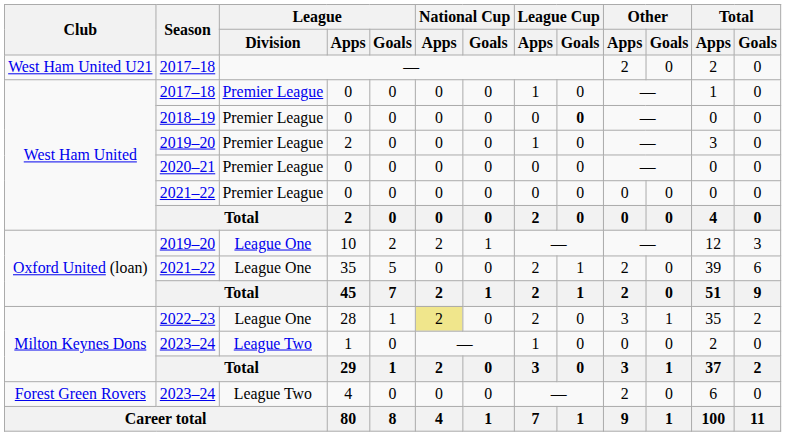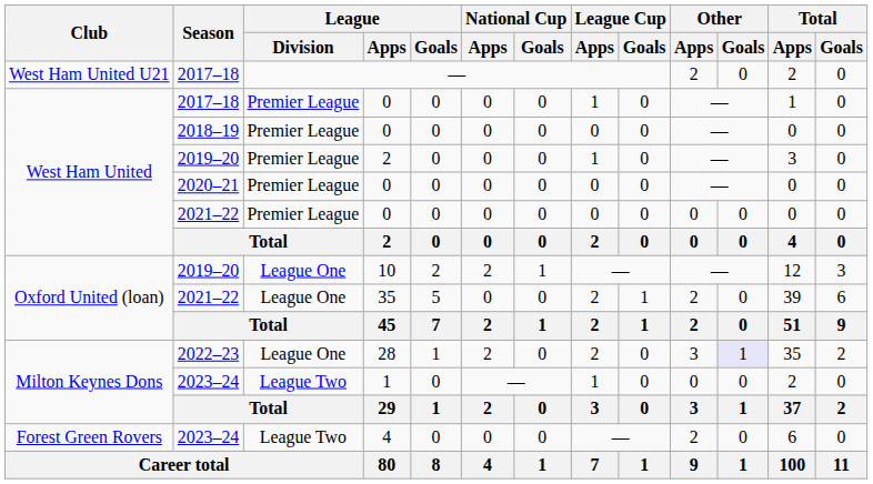 <table class="wikitable" style="text-align: center;">
 <tr>
 <th rowspan="2">Club</th>
 <th rowspan="2">Season</th>
 <th colspan="3">League</th>
 <th colspan="2">National Cup</th>
 <th colspan="2">League Cup</th>
 <th colspan="2">Other</th>
 <th colspan="2">Total</th>
 </tr>
 <tr>
 <th>Division</th>
 <th>Apps</th>
 <th>Goals</th>
 <th>Apps</th>
 <th>Goals</th>
 <th>Apps</th>
 <th>Goals</th>
 <th>Apps</th>
 <th>Goals</th>
 <th>Apps</th>
 <th>Goals</th>
 </tr>
 <tr>
 <td><a href='#'>West Ham United U21</a></td>
 <td><a href='#'>2017–18</a></td>
 <td colspan="7">—</td>
 <td>2</td>
 <td>0</td>
 <td>2</td>
 <td>0</td>
 </tr>
 <tr>
 <td rowspan="6"><a href='#'>West Ham United</a></td>
 <td><a href='#'>2017–18</a></td>
 <td><a href='#'>Premier League</a></td>
 <td>0</td>
 <td>0</td>
 <td>0</td>
 <td>0</td>
 <td>1</td>
 <td>0</td>
 <td colspan="2">—</td>
 <td>1</td>
 <td>0</td>
 </tr>
 <tr>
 <td><a href='#'>2018–19</a></td>
 <td>Premier League</td>
 <td>0</td>
 <td>0</td>
 <td>0</td>
 <td>0</td>
 <td>0</td>
-<td><strong>0</strong></td>
+<td>0</td>
 <td colspan="2">—</td>
 <td>0</td>
 <td>0</td>
 </tr>
 <tr>
 <td><a href='#'>2019–20</a></td>
 <td>Premier League</td>
 <td>2</td>
 <td>0</td>
 <td>0</td>
 <td>0</td>
 <td>1</td>
 <td>0</td>
 <td colspan="2">—</td>
 <td>3</td>
 <td>0</td>
 </tr>
 <tr>
 <td><a href='#'>2020–21</a></td>
 <td>Premier League</td>
 <td>0</td>
 <td>0</td>
 <td>0</td>
 <td>0</td>
 <td>0</td>
 <td>0</td>
 <td colspan="2">—</td>
 <td>0</td>
 <td>0</td>
 </tr>
 <tr>
 <td><a href='#'>2021–22</a></td>
 <td>Premier League</td>
 <td>0</td>
 <td>0</td>
 <td>0</td>
 <td>0</td>
 <td>0</td>
 <td>0</td>
 <td>0</td>
 <td>0</td>
 <td>0</td>
 <td>0</td>
 </tr>
 <tr>
 <th colspan="2">Total</th>
 <th>2</th>
 <th>0</th>
 <th>0</th>
 <th>0</th>
 <th>2</th>
 <th>0</th>
 <th>0</th>
 <th>0</th>
 <th>4</th>
 <th>0</th>
 </tr>
 <tr>
 <td rowspan="3"><a href='#'>Oxford United</a> (loan)</td>
 <td><a href='#'>2019–20</a></td>
 <td><a href='#'>League One</a></td>
 <td>10</td>
 <td>2</td>
 <td>2</td>
 <td>1</td>
 <td colspan="2">—</td>
 <td colspan="2">—</td>
 <td>12</td>
 <td>3</td>
 </tr>
 <tr>
 <td><a href='#'>2021–22</a></td>
 <td>League One</td>
 <td>35</td>
 <td>5</td>
 <td>0</td>
 <td>0</td>
 <td>2</td>
 <td>1</td>
 <td>2</td>
 <td>0</td>
 <td>39</td>
 <td>6</td>
 </tr>
 <tr>
 <th colspan="2">Total</th>
 <th>45</th>
 <th>7</th>
 <th>2</th>
 <th>1</th>
 <th>2</th>
 <th>1</th>
 <th>2</th>
 <th>0</th>
 <th>51</th>
 <th>9</th>
 </tr>
 <tr>
 <td rowspan="3"><a href='#'>Milton Keynes Dons</a></td>
 <td><a href='#'>2022–23</a></td>
 <td>League One</td>
 <td>28</td>
 <td>1</td>
-<td style="background: khaki;">2</td>
+<td>2</td>
 <td>0</td>
 <td>2</td>
 <td>0</td>
 <td>3</td>
-<td>1</td>
+<td style="background: lavender;">1</td>
 <td>35</td>
 <td>2</td>
 </tr>
 <tr>
 <td><a href='#'>2023–24</a></td>
 <td><a href='#'>League Two</a></td>
 <td>1</td>
 <td>0</td>
 <td colspan="2">—</td>
 <td>1</td>
 <td>0</td>
 <td>0</td>
 <td>0</td>
 <td>2</td>
 <td>0</td>
 </tr>
 <tr>
 <th colspan="2">Total</th>
 <th>29</th>
 <th>1</th>
 <th>2</th>
 <th>0</th>
 <th>3</th>
 <th>0</th>
 <th>3</th>
 <th>1</th>
 <th>37</th>
 <th>2</th>
 </tr>
 <tr>
 <td><a href='#'>Forest Green Rovers</a></td>
 <td><a href='#'>2023–24</a></td>
 <td>League Two</td>
 <td>4</td>
 <td>0</td>
 <td>0</td>
 <td>0</td>
 <td colspan="2">—</td>
 <td>2</td>
 <td>0</td>
 <td>6</td>
 <td>0</td>
 </tr>
 <tr>
 <th colspan="3">Career total</th>
 <th>80</th>
 <th>8</th>
 <th>4</th>
 <th>1</th>
 <th>7</th>
 <th>1</th>
 <th>9</th>
 <th>1</th>
 <th>100</th>
 <th>11</th>
 </tr>
 </table>
